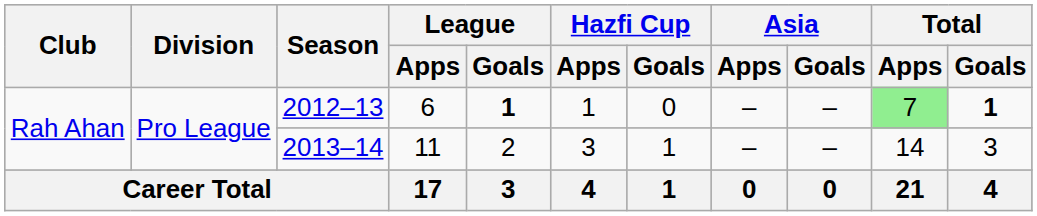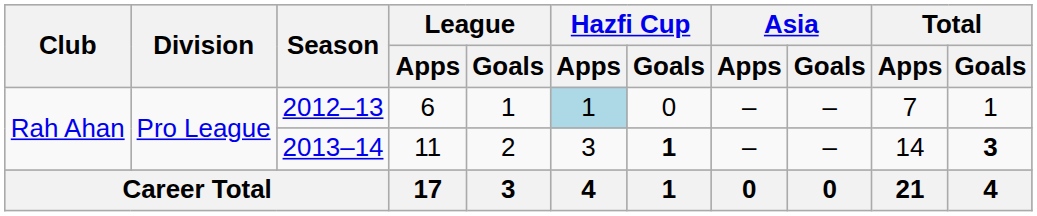 <table class="wikitable" style="text-align: center;">
 <tr>
 <th rowspan="2">Club</th>
 <th rowspan="2">Division</th>
 <th rowspan="2">Season</th>
 <th colspan="2">League</th>
 <th colspan="2"><a href='#'>Hazfi Cup</a></th>
 <th colspan="2"><a href='#'>Asia</a></th>
 <th colspan="2">Total</th>
 </tr>
 <tr>
 <th>Apps</th>
 <th>Goals</th>
 <th>Apps</th>
 <th>Goals</th>
 <th>Apps</th>
 <th>Goals</th>
 <th>Apps</th>
 <th>Goals</th>
 </tr>
 <tr>
 <td rowspan="2"><a href='#'>Rah Ahan</a></td>
 <td rowspan="2"><a href='#'>Pro League</a></td>
 <td><a href='#'>2012–13</a></td>
 <td>6</td>
-<td><strong>1</strong></td>
 <td>1</td>
+<td style="background: lightblue;">1</td>
 <td>0</td>
 <td>–</td>
 <td>–</td>
-<td style="background: lightgreen;">7</td>
-<td><strong>1</strong></td>
+<td>7</td>
+<td>1</td>
 </tr>
 <tr>
 <td><a href='#'>2013–14</a></td>
 <td>11</td>
 <td>2</td>
 <td>3</td>
-<td>1</td>
+<td><strong>1</strong></td>
 <td>–</td>
 <td>–</td>
 <td>14</td>
-<td>3</td>
+<td><strong>3</strong></td>
 </tr>
 <tr>
 <th colspan=3>Career Total</th>
 <th>17</th>
 <th>3</th>
 <th>4</th>
 <th>1</th>
 <th>0</th>
 <th>0</th>
 <th>21</th>
 <th>4</th>
 </tr>
 </table>
